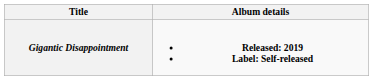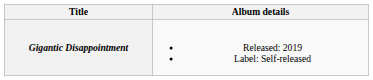 <table class="wikitable plainrowheaders" style="text-align:center;">
 <tr>
 <th scope="col" rowspan="1" style="width:15em;">Title</th>
 <th scope="col" rowspan="1" style="width:22em;">Album details</th>
 </tr>
 <tr>
 <th scope="row"><em>Gigantic Disappointment</em></th>
-<td><strong><br><ul><li>Released: 2019</li><li>Label: Self-released</li></ul></strong></td>
+<td><br><ul><li>Released: 2019</li><li>Label: Self-released</li></ul></td>
 </tr>
 </table>
